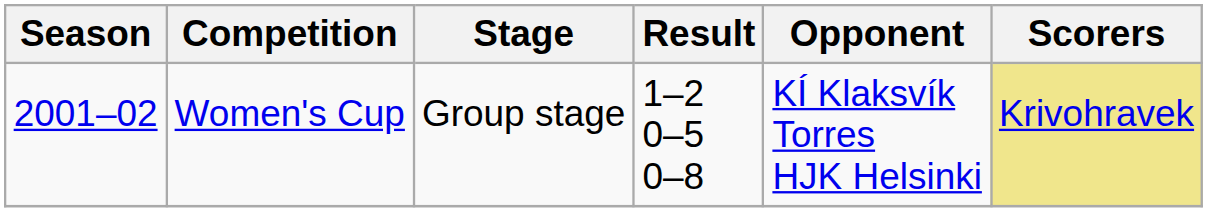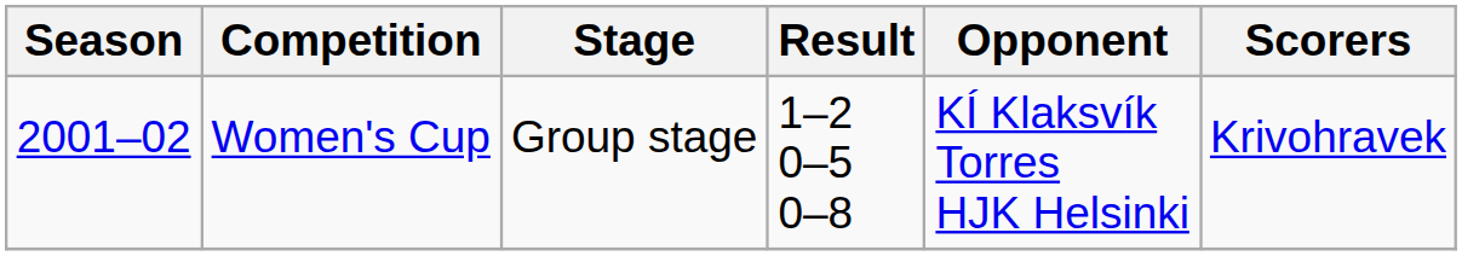 <table class="wikitable">
 <tr>
 <th>Season</th>
 <th>Competition</th>
 <th>Stage</th>
 <th>Result</th>
 <th>Opponent</th>
 <th>Scorers</th>
 </tr>
 <tr>
 <td><a href='#'>2001–02</a><br><br></td>
 <td><a href='#'>Women's Cup</a><br><br></td>
 <td>Group stage<br><br></td>
 <td>1–2<br>0–5<br>0–8</td>
 <td> <a href='#'>KÍ Klaksvík</a><br> <a href='#'>Torres</a><br> <a href='#'>HJK Helsinki</a></td>
-<td style="background: khaki;"><a href='#'>Krivohravek</a><br><br></td>
+<td><a href='#'>Krivohravek</a><br><br></td>
 </tr>
 <tr>
 </tr>
 </table>
